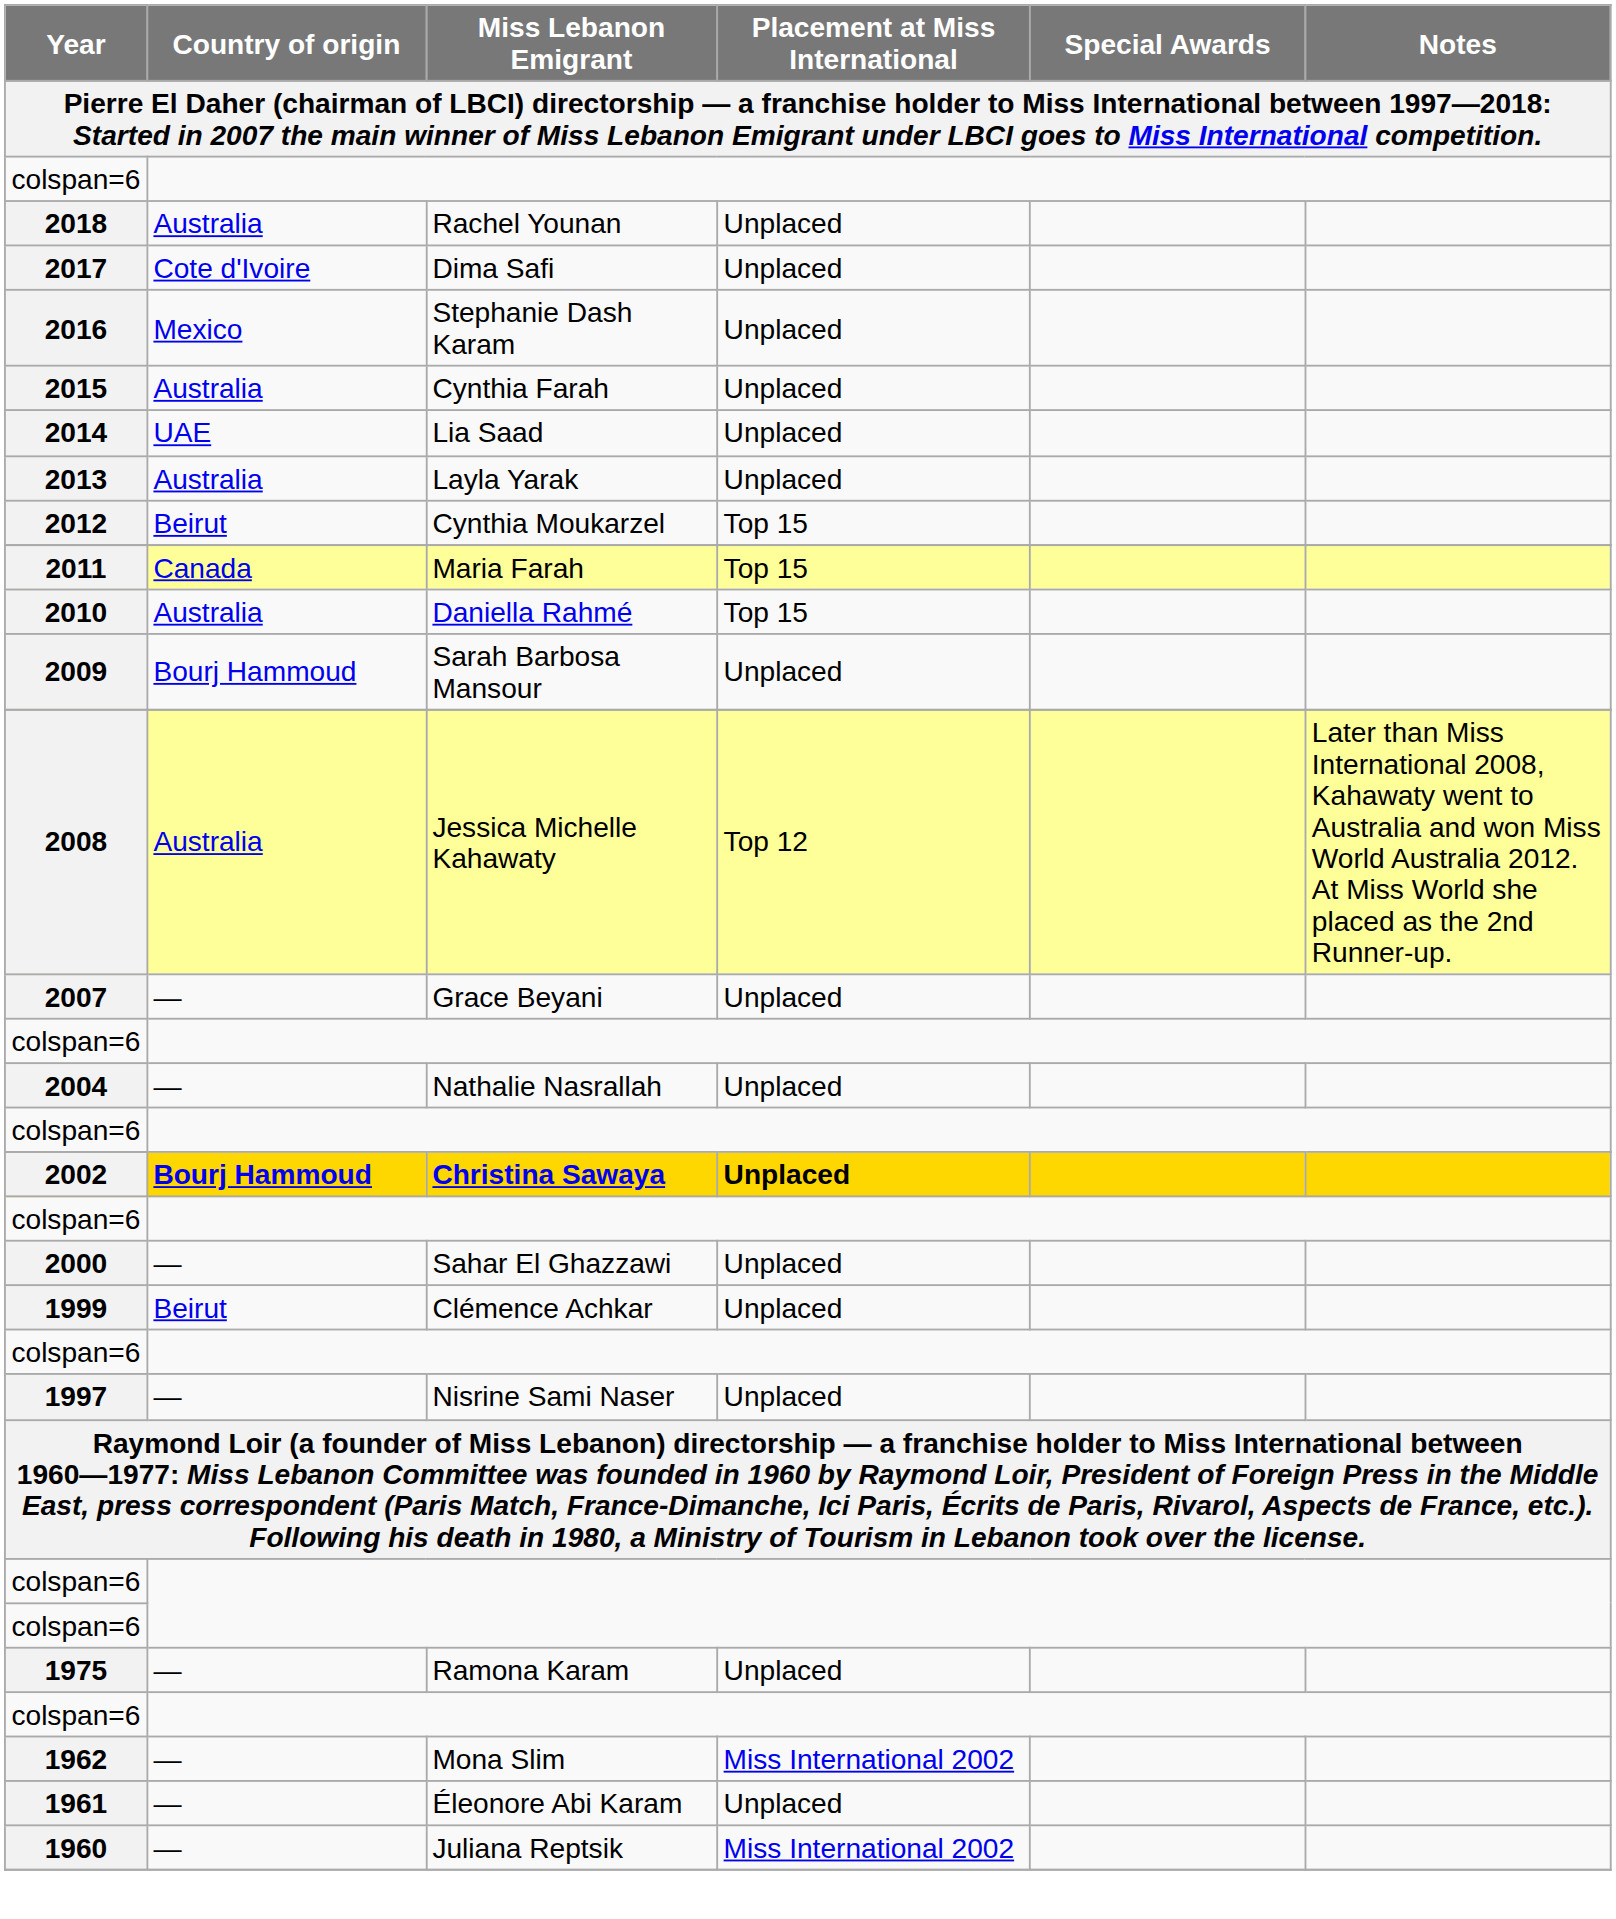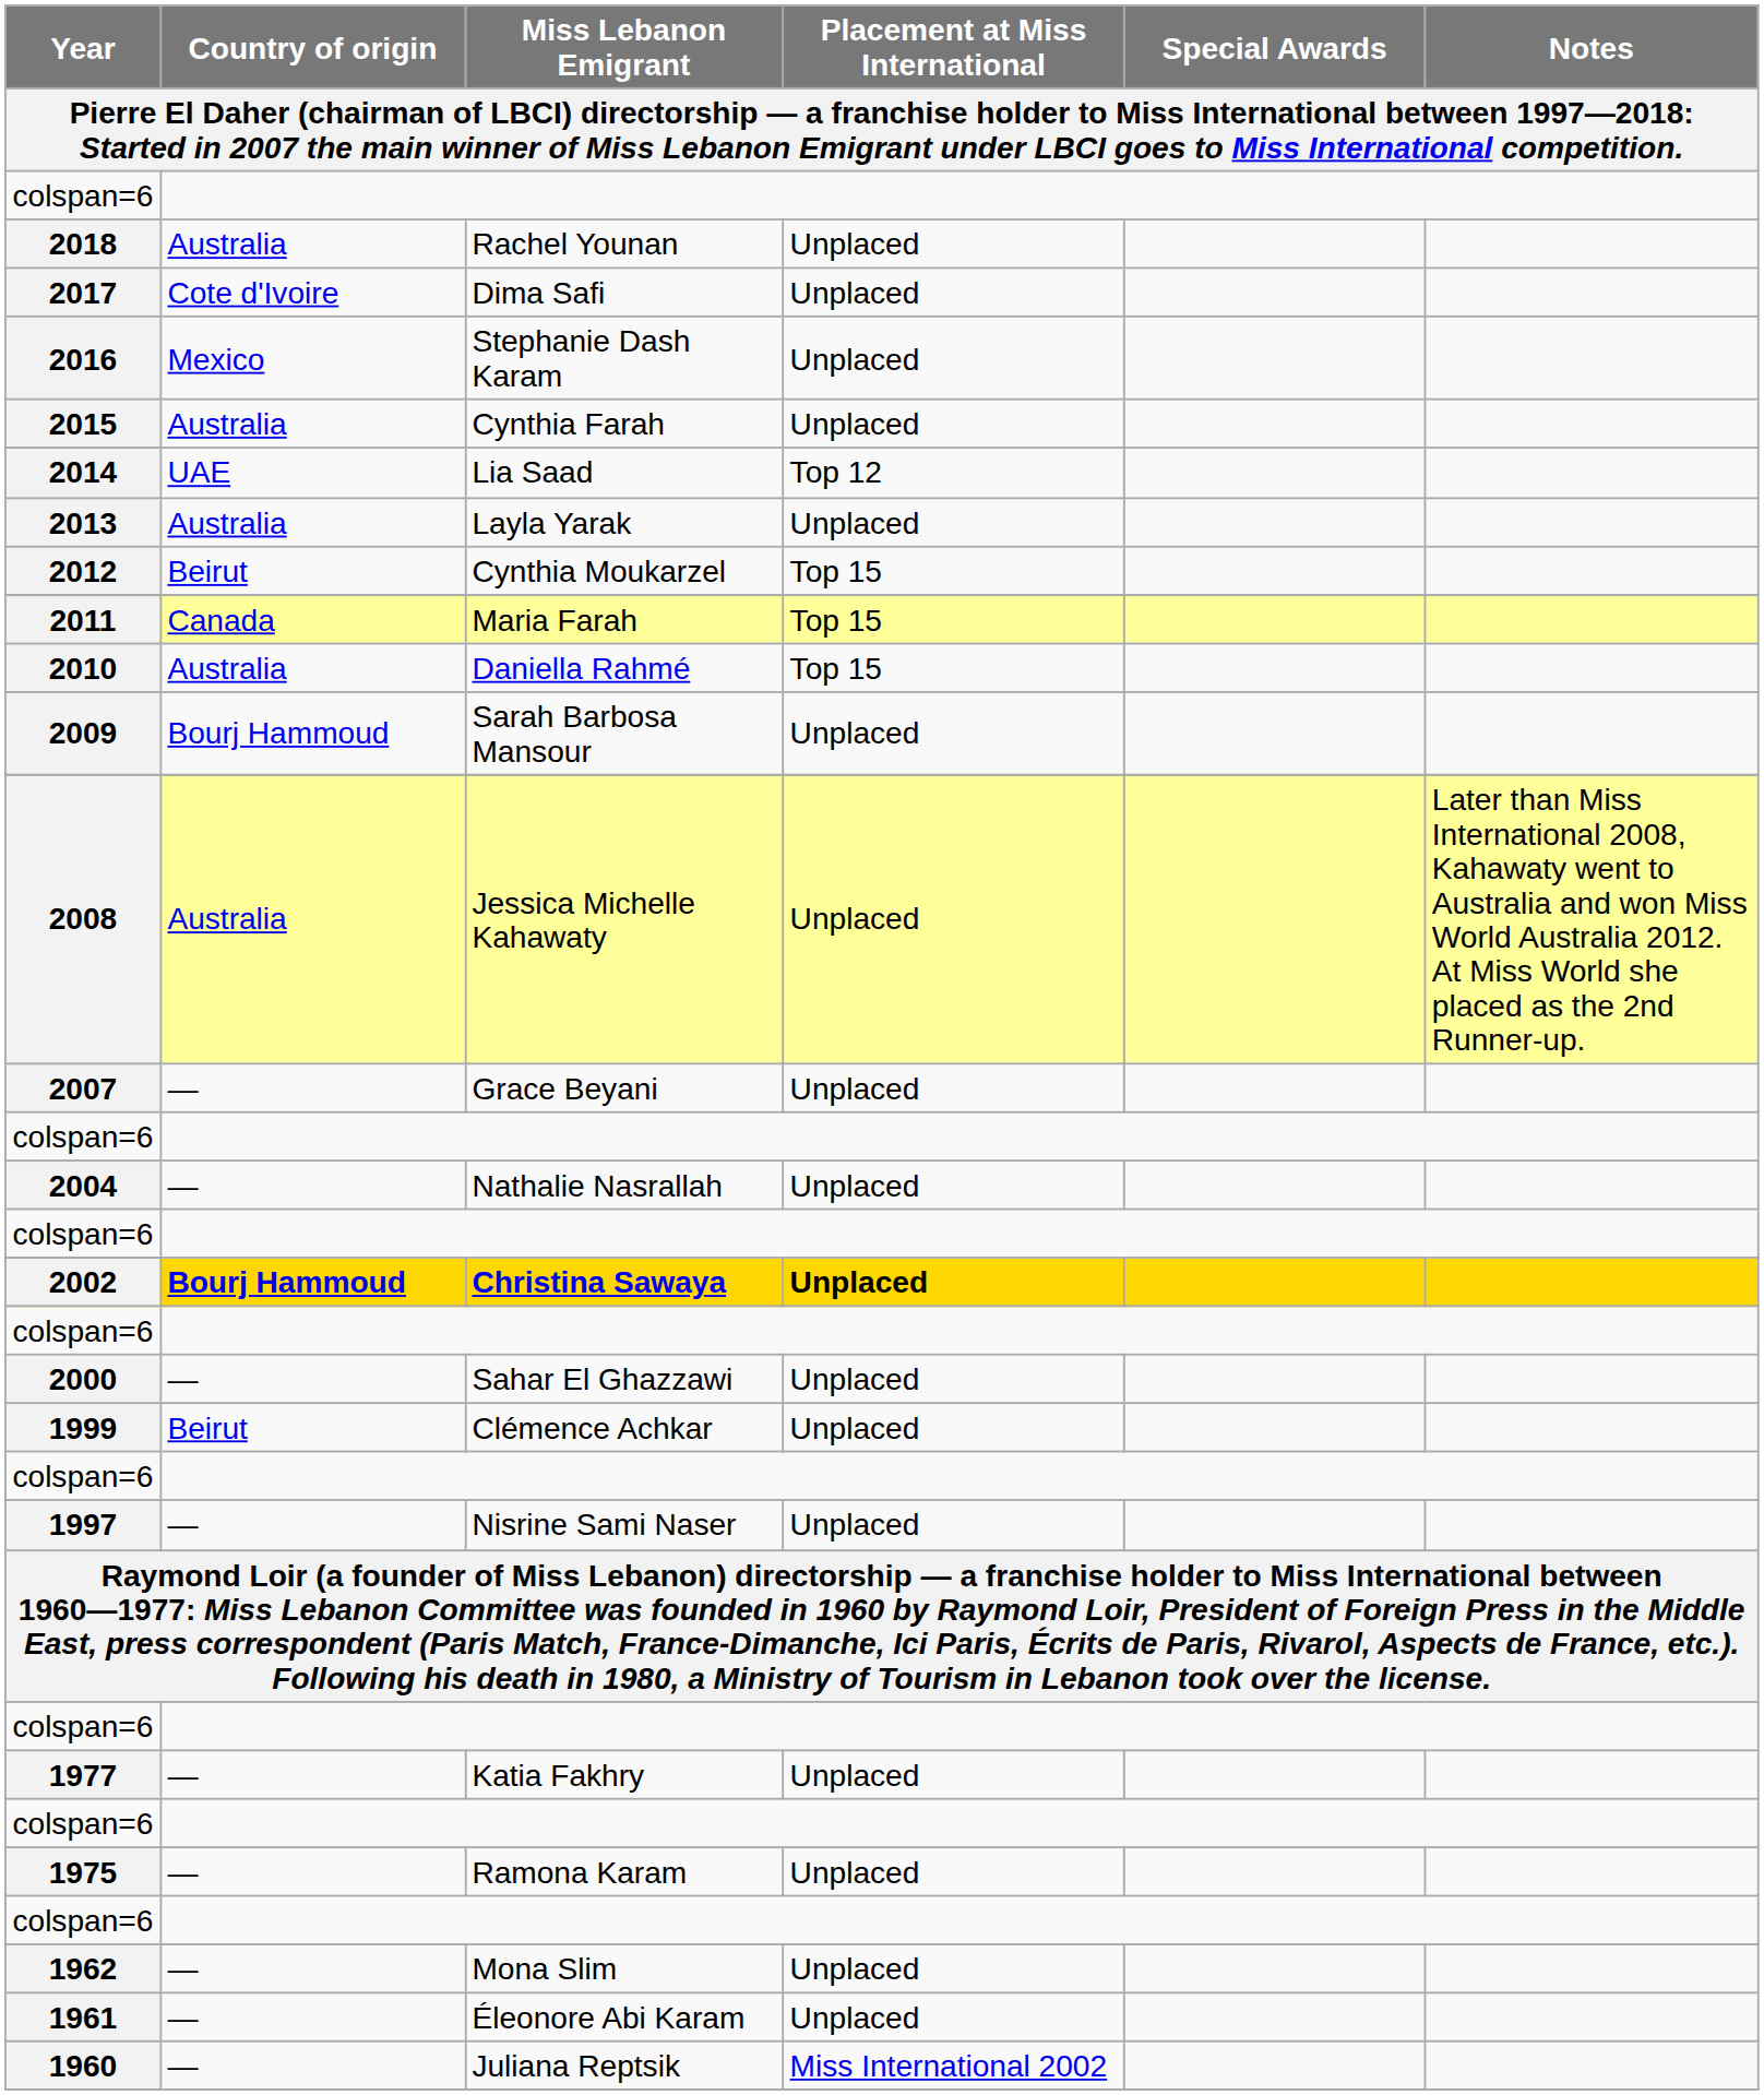 <table class="wikitable " style="font-size: 95%;">
 <tr>
 <th width="60" style="background-color:#787878;color:#FFFFFF;">Year</th>
 <th width="230" style="background-color:#787878;color:#FFFFFF;">Country of origin</th>
 <th width="250" style="background-color:#787878;color:#FFFFFF;">Miss Lebanon Emigrant</th>
 <th width="250" style="background-color:#787878;color:#FFFFFF;">Placement at Miss International</th>
 <th width="250" style="background-color:#787878;color:#FFFFFF;">Special Awards</th>
 <th width="250" style="background-color:#787878;color:#FFFFFF;">Notes</th>
 </tr>
 <tr>
 <th colspan="6">Pierre El Daher (chairman of LBCI) directorship — a franchise holder to Miss International between 1997―2018: <em>Started in 2007 the main winner of Miss Lebanon Emigrant under LBCI goes to <a href='#'>Miss International</a> competition.</em></th>
 </tr>
 <tr>
 <td>colspan=6 </td>
 </tr>
 <tr>
 <th>2018</th>
 <td><a href='#'>Australia</a></td>
 <td>Rachel Younan</td>
 <td>Unplaced</td>
 <td></td>
 <td></td>
 </tr>
 <tr>
 <th>2017</th>
 <td><a href='#'>Cote d'Ivoire</a></td>
 <td>Dima Safi</td>
 <td>Unplaced</td>
 <td></td>
 <td></td>
 </tr>
 <tr>
 <th>2016</th>
 <td><a href='#'>Mexico</a></td>
 <td>Stephanie Dash Karam</td>
 <td>Unplaced</td>
 <td></td>
 <td></td>
 </tr>
 <tr>
 <th>2015</th>
 <td><a href='#'>Australia</a></td>
 <td>Cynthia Farah</td>
 <td>Unplaced</td>
 <td></td>
 <td></td>
 </tr>
 <tr>
 <th>2014</th>
 <td><a href='#'>UAE</a></td>
 <td>Lia Saad</td>
-<td>Unplaced</td>
+<td>Top 12</td>
 <td></td>
 <td></td>
 </tr>
 <tr>
 <th>2013</th>
 <td><a href='#'>Australia</a></td>
 <td>Layla Yarak</td>
 <td>Unplaced</td>
 <td></td>
 <td></td>
 </tr>
 <tr>
 <th>2012</th>
 <td><a href='#'>Beirut</a></td>
 <td>Cynthia Moukarzel</td>
 <td>Top 15</td>
 <td></td>
 <td></td>
 </tr>
 <tr>
 </tr>
 <tr style="background-color:#FFFF99;">
 <th>2011</th>
 <td><a href='#'>Canada</a></td>
 <td>Maria Farah</td>
 <td>Top 15</td>
 <td></td>
 <td></td>
 </tr>
 <tr>
 <th>2010</th>
 <td><a href='#'>Australia</a></td>
 <td><a href='#'>Daniella Rahmé</a></td>
 <td>Top 15</td>
 <td></td>
 <td></td>
 </tr>
 <tr>
 <th>2009</th>
 <td><a href='#'>Bourj Hammoud</a></td>
 <td>Sarah Barbosa Mansour</td>
 <td>Unplaced</td>
 <td></td>
 <td></td>
 </tr>
 <tr>
 </tr>
 <tr style="background-color:#FFFF99;">
 <th>2008</th>
 <td><a href='#'>Australia</a></td>
 <td>Jessica Michelle Kahawaty</td>
-<td>Top 12</td>
+<td>Unplaced</td>
 <td></td>
 <td>Later than Miss International 2008, Kahawaty went to Australia and won Miss World Australia 2012. At Miss World she placed as the 2nd Runner-up.</td>
 </tr>
 <tr>
 <th>2007</th>
 <td>—</td>
 <td>Grace Beyani</td>
 <td>Unplaced</td>
 <td></td>
 <td></td>
 </tr>
 <tr>
 <td>colspan=6 </td>
 </tr>
 <tr>
 <th>2004</th>
 <td>—</td>
 <td>Nathalie Nasrallah</td>
 <td>Unplaced</td>
 <td></td>
 <td></td>
 </tr>
 <tr>
 <td>colspan=6 </td>
 </tr>
 <tr>
 </tr>
 <tr style="background-color:gold; font-weight: bold">
 <th>2002</th>
 <td><a href='#'>Bourj Hammoud</a></td>
 <td><a href='#'>Christina Sawaya</a></td>
 <td>Unplaced</td>
 <td></td>
 <td></td>
 </tr>
 <tr>
 <td>colspan=6 </td>
 </tr>
 <tr>
 <th>2000</th>
 <td>—</td>
 <td>Sahar El Ghazzawi</td>
 <td>Unplaced</td>
 <td></td>
 <td></td>
 </tr>
 <tr>
 <th>1999</th>
 <td><a href='#'>Beirut</a></td>
 <td>Clémence Achkar</td>
 <td>Unplaced</td>
 <td></td>
 <td></td>
 </tr>
 <tr>
 <td>colspan=6 </td>
 </tr>
 <tr>
 <th>1997</th>
 <td>—</td>
 <td>Nisrine Sami Naser</td>
 <td>Unplaced</td>
 <td></td>
 <td></td>
 </tr>
 <tr>
 <th colspan="6">Raymond Loir (a founder of Miss Lebanon) directorship — a franchise holder to Miss International between 1960―1977: <em>Miss Lebanon Committee was founded in 1960 by Raymond Loir, President of Foreign Press in the Middle East, press correspondent (Paris Match, France-Dimanche, Ici Paris, Écrits de Paris, Rivarol, Aspects de France, etc.). Following his death in 1980, a Ministry of Tourism in Lebanon took over the license.</em></th>
 </tr>
 <tr>
 <td>colspan=6 </td>
 </tr>
 <tr>
+<th>1977</th>
+<td>—</td>
+<td>Katia Fakhry</td>
+<td>Unplaced</td>
+<td></td>
+<td></td>
+</tr>
+<tr>
 <td>colspan=6 </td>
 </tr>
 <tr>
 <th>1975</th>
 <td>—</td>
 <td>Ramona Karam</td>
 <td>Unplaced</td>
 <td></td>
 <td></td>
 </tr>
 <tr>
 <td>colspan=6 </td>
 </tr>
 <tr>
 <th>1962</th>
 <td>—</td>
 <td>Mona Slim</td>
-<td><a href='#'>Miss International 2002</a></td>
+<td>Unplaced</td>
 <td></td>
 <td></td>
 </tr>
 <tr>
 <th>1961</th>
 <td>―</td>
 <td>Éleonore Abi Karam</td>
 <td>Unplaced</td>
 <td></td>
 <td></td>
 </tr>
 <tr>
 <th>1960</th>
 <td>—</td>
 <td>Juliana Reptsik</td>
 <td><a href='#'>Miss International 2002</a></td>
 <td></td>
 <td></td>
 </tr>
 <tr>
 </tr>
 </table>
